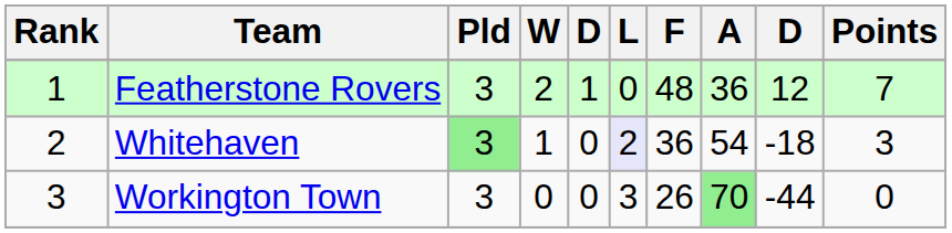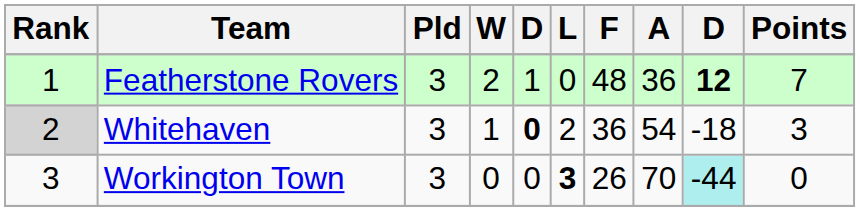 <table class="wikitable" style="text-align: center;">
 <tr>
 <th>Rank</th>
 <th>Team</th>
 <th>Pld</th>
 <th>W</th>
 <th>D</th>
 <th>L</th>
 <th>F</th>
 <th>A</th>
 <th>D</th>
 <th>Points</th>
 </tr>
 <tr>
 </tr>
 <tr bgcolor="#ccffcc">
 <td rowspan="1">1</td>
 <td align="left"><a href='#'>Featherstone Rovers</a></td>
 <td rowspan="1!">3</td>
 <td rowspan="1">2</td>
 <td rowspan="1">1</td>
 <td rowspan="1">0</td>
 <td rowspan="1">48</td>
 <td rowspan="1">36</td>
-<td rowspan="1">12</td>
+<td rowspan="1"><strong>12</strong></td>
 <td rowspan="1!">7</td>
 </tr>
 <tr>
+<td rowspan="1" style="background: lightgrey;">2</td>
+<td align="left"><a href='#'>Whitehaven</a></td>
+<td rowspan="1">3</td>
+<td rowspan="1">1</td>
+<td rowspan="1"><strong>0</strong></td>
 <td rowspan="1">2</td>
-<td align="left"><a href='#'>Whitehaven</a></td>
-<td rowspan="1" style="background: lightgreen;">3</td>
-<td rowspan="1">1</td>
-<td rowspan="1">0</td>
-<td rowspan="1" style="background: lavender;">2</td>
 <td rowspan="1">36</td>
 <td rowspan="1">54</td>
 <td rowspan="1">-18</td>
 <td rowspan="1!">3</td>
 </tr>
 <tr>
 <td rowspan="1">3</td>
 <td align="left"><a href='#'>Workington Town</a></td>
 <td rowspan="1">3</td>
 <td rowspan="1">0</td>
 <td rowspan="1">0</td>
-<td rowspan="1">3</td>
+<td rowspan="1"><strong>3</strong></td>
 <td rowspan="1">26</td>
-<td rowspan="1" style="background: lightgreen;">70</td>
-<td rowspan="1">-44</td>
+<td rowspan="1">70</td>
+<td rowspan="1" style="background: paleturquoise;">-44</td>
 <td rowspan="1!">0</td>
 </tr>
 <tr>
 </tr>
 </table>
